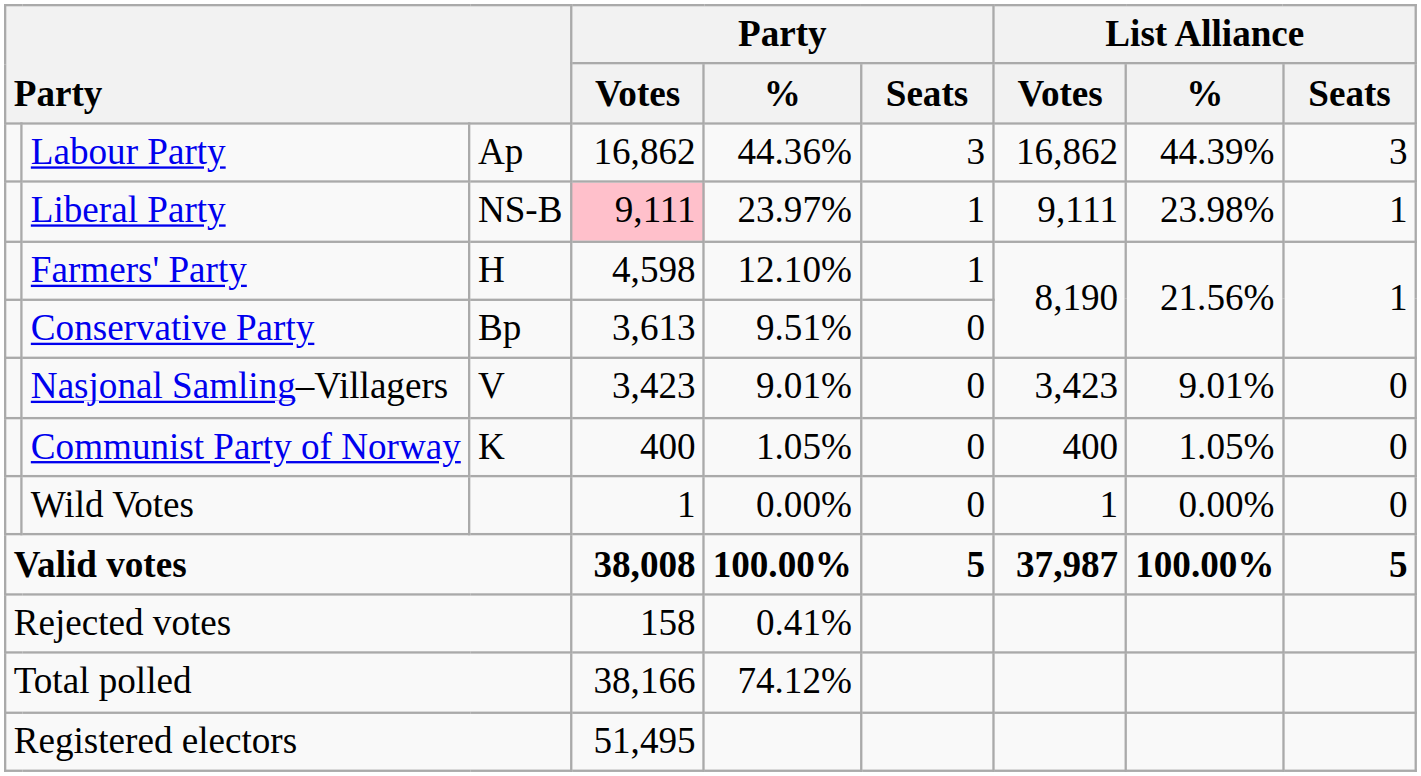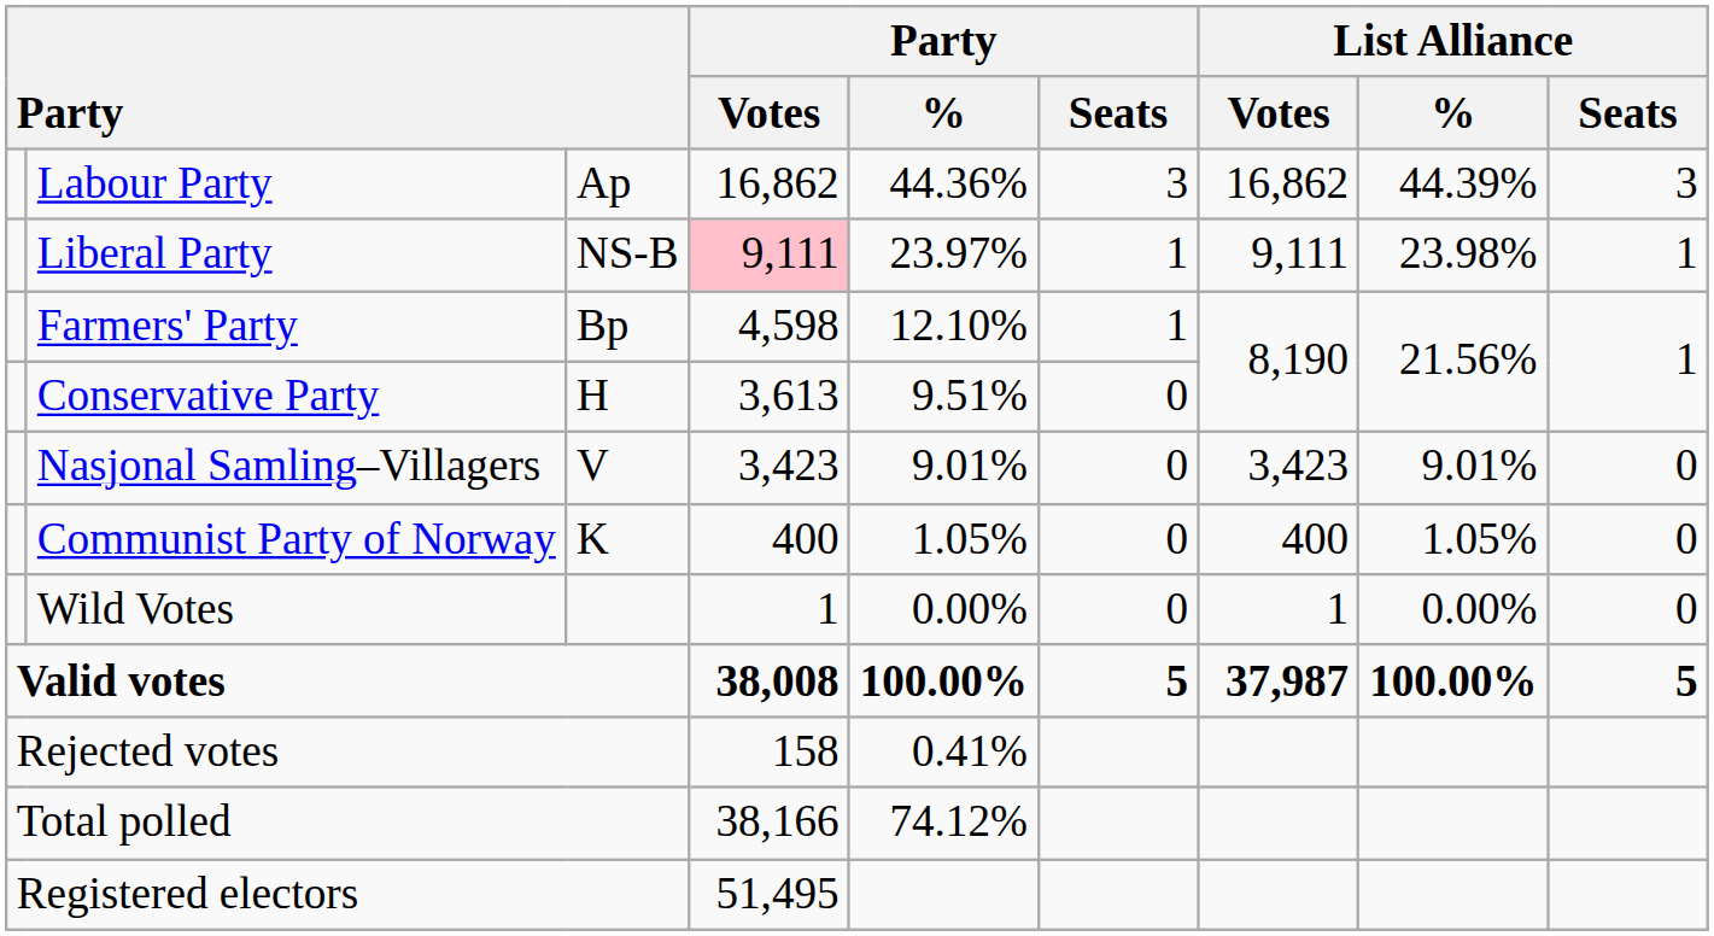 <table class="wikitable" border="1" style="text-align:right;">
 <tr>
 <th style="text-align:left;" valign=bottom rowspan=2 colspan=3>Party</th>
 <th colspan=3>Party</th>
 <th colspan=3>List Alliance</th>
 </tr>
 <tr>
 <th align=center valign=bottom width="50">Votes</th>
 <th align=center valign=bottom width="50">%</th>
 <th align=center valign=bottom width="50">Seats</th>
 <th align=center valign=bottom width="50">Votes</th>
 <th align=center valign=bottom width="50">%</th>
 <th align=center valign=bottom width="50">Seats</th>
 </tr>
 <tr>
 <td style="color:inherit;background:"></td>
 <td align=left><a href='#'>Labour Party</a></td>
 <td align=left>Ap</td>
 <td>16,862</td>
 <td>44.36%</td>
 <td>3</td>
 <td>16,862</td>
 <td>44.39%</td>
 <td>3</td>
 </tr>
 <tr>
 <td style="color:inherit;background:"></td>
 <td align=left><a href='#'>Liberal Party</a></td>
 <td align=left>NS-B</td>
 <td style="background: pink;">9,111</td>
 <td>23.97%</td>
 <td>1</td>
 <td>9,111</td>
 <td>23.98%</td>
 <td>1</td>
 </tr>
 <tr>
 <td style="color:inherit;background:"></td>
 <td align=left><a href='#'>Farmers' Party</a></td>
-<td align=left>H</td>
+<td align=left>Bp</td>
 <td>4,598</td>
 <td>12.10%</td>
 <td>1</td>
 <td rowspan=2>8,190</td>
 <td rowspan=2>21.56%</td>
 <td rowspan=2>1</td>
 </tr>
 <tr>
 <td style="color:inherit;background:"></td>
 <td align=left><a href='#'>Conservative Party</a></td>
-<td align=left>Bp</td>
+<td align=left>H</td>
 <td>3,613</td>
 <td>9.51%</td>
 <td>0</td>
 </tr>
 <tr>
 <td></td>
 <td align=left><a href='#'>Nasjonal Samling</a>–Villagers</td>
 <td align=left>V</td>
 <td>3,423</td>
 <td>9.01%</td>
 <td>0</td>
 <td>3,423</td>
 <td>9.01%</td>
 <td>0</td>
 </tr>
 <tr>
 <td style="color:inherit;background:"></td>
 <td align=left><a href='#'>Communist Party of Norway</a></td>
 <td align=left>K</td>
 <td>400</td>
 <td>1.05%</td>
 <td>0</td>
 <td>400</td>
 <td>1.05%</td>
 <td>0</td>
 </tr>
 <tr>
 <td></td>
 <td align=left>Wild Votes</td>
 <td align=left></td>
 <td>1</td>
 <td>0.00%</td>
 <td>0</td>
 <td>1</td>
 <td>0.00%</td>
 <td>0</td>
 </tr>
 <tr style="font-weight:bold">
 <td align=left colspan=3>Valid votes</td>
 <td>38,008</td>
 <td>100.00%</td>
 <td>5</td>
 <td>37,987</td>
 <td>100.00%</td>
 <td>5</td>
 </tr>
 <tr>
 <td align=left colspan=3>Rejected votes</td>
 <td>158</td>
 <td>0.41%</td>
 <td></td>
 <td></td>
 <td></td>
 <td></td>
 </tr>
 <tr>
 <td align=left colspan=3>Total polled</td>
 <td>38,166</td>
 <td>74.12%</td>
 <td></td>
 <td></td>
 <td></td>
 <td></td>
 </tr>
 <tr>
 <td align=left colspan=3>Registered electors</td>
 <td>51,495</td>
 <td></td>
 <td></td>
 <td></td>
 <td></td>
 <td></td>
 </tr>
 </table>
